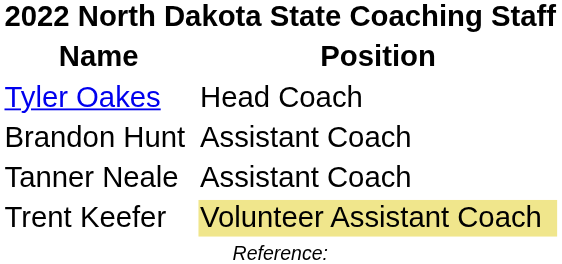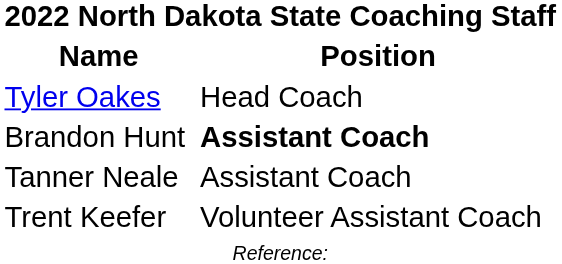 <table class="toccolours" style-"text-align: left; font-size:90;">
 <tr>
 <th colspan="9">2022 North Dakota State Coaching Staff</th>
 </tr>
 <tr>
 <th>Name</th>
 <th>Position</th>
 </tr>
 <tr>
 <td><a href='#'>Tyler Oakes</a></td>
 <td>Head Coach</td>
 </tr>
 <tr>
 <td>Brandon Hunt</td>
-<td>Assistant Coach</td>
+<td><strong>Assistant Coach</strong></td>
 </tr>
 <tr>
 <td>Tanner Neale</td>
 <td>Assistant Coach</td>
 </tr>
 <tr>
 <td>Trent Keefer</td>
-<td style="background: khaki;">Volunteer Assistant Coach</td>
+<td>Volunteer Assistant Coach</td>
 </tr>
 <tr>
 <td colspan="4" style="font-size:8pt; text-align:center;"><em>Reference:</em></td>
 </tr>
 </table>
